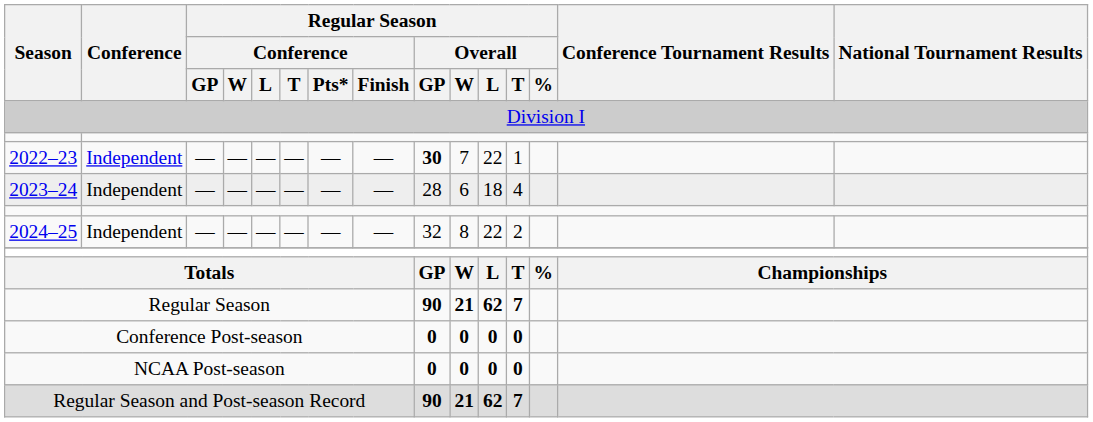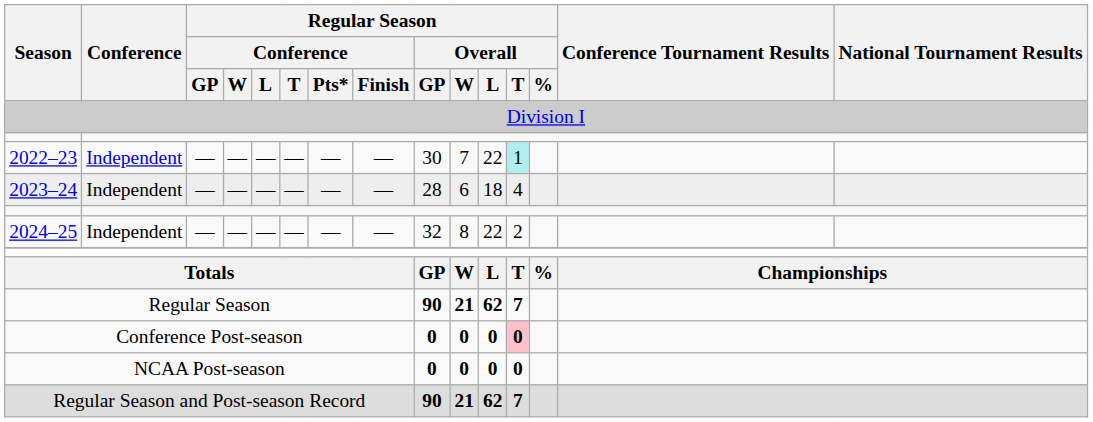 <table class="wikitable" style="text-align: center; font-size: 95%">
 <tr>
 <th rowspan="3">Season</th>
 <th rowspan="3">Conference</th>
 <th colspan="11">Regular Season</th>
 <th rowspan="3">Conference Tournament Results</th>
 <th rowspan="3">National Tournament Results</th>
 </tr>
 <tr>
 <th colspan="6">Conference</th>
 <th colspan="5">Overall</th>
 </tr>
 <tr>
 <th>GP</th>
 <th>W</th>
 <th>L</th>
 <th>T</th>
 <th>Pts*</th>
 <th>Finish</th>
 <th>GP</th>
 <th>W</th>
 <th>L</th>
 <th>T</th>
 <th>%</th>
 </tr>
 <tr>
 <td style="background:#cccccc;" colspan="15"><a href='#'>Division I</a></td>
 </tr>
 <tr>
 <td><a href='#'></a> </td>
 </tr>
 <tr>
 <td><a href='#'>2022–23</a></td>
 <td><a href='#'>Independent</a></td>
 <td>—</td>
 <td>—</td>
 <td>—</td>
 <td>—</td>
 <td>—</td>
 <td>—</td>
-<td><strong>30</strong></td>
+<td>30</td>
 <td>7</td>
 <td>22</td>
-<td>1</td>
+<td style="background: paleturquoise;">1</td>
 <td></td>
 <td align="left"></td>
 <td align="left"></td>
 </tr>
 <tr bgcolor=eeeeee>
 <td><a href='#'>2023–24</a></td>
 <td>Independent</td>
 <td>—</td>
 <td>—</td>
 <td>—</td>
 <td>—</td>
 <td>—</td>
 <td>—</td>
 <td>28</td>
 <td>6</td>
 <td>18</td>
 <td>4</td>
 <td></td>
 <td align="left"></td>
 <td align="left"></td>
 </tr>
 <tr>
 <td><a href='#'></a> </td>
 </tr>
 <tr>
 <td><a href='#'>2024–25</a></td>
 <td>Independent</td>
 <td>—</td>
 <td>—</td>
 <td>—</td>
 <td>—</td>
 <td>—</td>
 <td>—</td>
 <td>32</td>
 <td>8</td>
 <td>22</td>
 <td>2</td>
 <td></td>
 <td align="left"></td>
 <td align="left"></td>
 </tr>
 <tr>
 </tr>
 <tr ->
 </tr>
 <tr>
 <td colspan="15" style="background:#fff;"></td>
 </tr>
 <tr>
 <th colspan="8">Totals</th>
 <th>GP</th>
 <th>W</th>
 <th>L</th>
 <th>T</th>
 <th>%</th>
 <th colspan="2">Championships</th>
 </tr>
 <tr>
 <td colspan="8">Regular Season</td>
 <td><strong>90</strong></td>
 <td><strong>21</strong></td>
 <td><strong>62</strong></td>
 <td><strong>7</strong></td>
 <td><strong></strong></td>
 <td colspan="2" align="left"></td>
 </tr>
 <tr>
 <td colspan="8">Conference Post-season</td>
 <td><strong>0</strong></td>
 <td><strong>0</strong></td>
 <td><strong>0</strong></td>
-<td><strong>0</strong></td>
+<td style="background: pink;"><strong>0</strong></td>
 <td><strong></strong></td>
 <td colspan="2" align="left"></td>
 </tr>
 <tr>
 <td colspan="8">NCAA Post-season</td>
 <td><strong>0</strong></td>
 <td><strong>0</strong></td>
 <td><strong>0</strong></td>
 <td><strong>0</strong></td>
 <td><strong></strong></td>
 <td colspan="2" align="left"></td>
 </tr>
 <tr bgcolor=dddddd>
 <td colspan="8">Regular Season and Post-season Record</td>
 <td><strong>90</strong></td>
 <td><strong>21</strong></td>
 <td><strong>62</strong></td>
 <td><strong>7</strong></td>
 <td><strong></strong></td>
 <td colspan="2" align="left"></td>
 </tr>
 </table>
